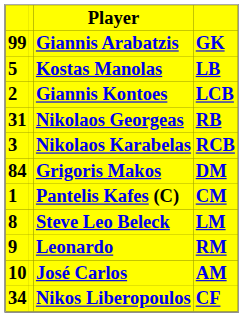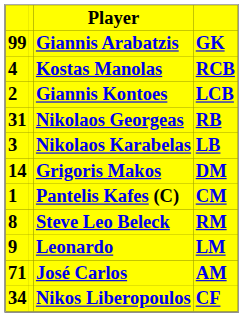 <table class="toccolours" border="0" cellpadding="2" cellspacing="0" align="center" style="margin: 0.5em 0 1em 1em; background: #000000; border: 1px #aaaaaa solid;">
 <tr bgcolor=#FFFF00>
 <th></th>
 <th></th>
 <th>Player</th>
 <th></th>
 </tr>
 <tr bgcolor=#FFFF00>
 <td><strong>99</strong></td>
 <td></td>
 <td><a href='#'><span><strong>Giannis Arabatzis</strong></span></a></td>
 <td><a href='#'><strong>GK</strong></a></td>
 </tr>
 <tr bgcolor=#FFFF00>
-<td><strong>5</strong></td>
+<td><strong>4</strong></td>
 <td></td>
 <td><a href='#'><span><strong>Kostas Manolas</strong></span></a></td>
-<td><a href='#'><strong>LB</strong></a></td>
+<td><a href='#'><strong>RCB</strong></a></td>
 </tr>
 <tr bgcolor=#FFFF00>
 <td><strong>2</strong></td>
 <td></td>
 <td><a href='#'><span><strong>Giannis Kontoes</strong></span></a></td>
 <td><a href='#'><strong>LCB</strong></a></td>
 </tr>
 <tr bgcolor=#FFFF00>
 <td><strong>31</strong></td>
 <td></td>
 <td><a href='#'><span><strong>Nikolaos Georgeas</strong></span></a></td>
 <td><a href='#'><strong>RB</strong></a></td>
 </tr>
 <tr bgcolor=#FFFF00>
 <td><strong>3</strong></td>
 <td></td>
 <td><a href='#'><span><strong>Nikolaos Karabelas</strong></span></a></td>
-<td><a href='#'><strong>RCB</strong></a></td>
+<td><a href='#'><strong>LB</strong></a></td>
 </tr>
 <tr bgcolor=#FFFF00>
-<td><strong>84</strong></td>
+<td><strong>14</strong></td>
 <td></td>
 <td><a href='#'><span><strong>Grigoris Makos</strong></span></a></td>
 <td><a href='#'><strong>DM</strong></a></td>
 </tr>
 <tr bgcolor=#FFFF00>
 <td><strong>1</strong></td>
 <td></td>
 <td><a href='#'><span><strong>Pantelis Kafes</strong></span></a> <strong>(C)</strong></td>
 <td><a href='#'><strong>CM</strong></a></td>
 </tr>
 <tr bgcolor=#FFFF00>
 <td><strong>8</strong></td>
 <td></td>
 <td><a href='#'><span><strong>Steve Leo Beleck</strong></span></a></td>
-<td><a href='#'><strong>LM</strong></a></td>
+<td><a href='#'><strong>RM</strong></a></td>
 </tr>
 <tr bgcolor=#FFFF00>
 <td><strong>9</strong></td>
 <td></td>
 <td><a href='#'><span><strong>Leonardo</strong></span></a></td>
-<td><a href='#'><strong>RM</strong></a></td>
+<td><a href='#'><strong>LM</strong></a></td>
 </tr>
 <tr bgcolor=#FFFF00>
-<td><strong>10</strong></td>
+<td><strong>71</strong></td>
 <td></td>
 <td><a href='#'><span><strong>José Carlos</strong></span></a></td>
 <td><a href='#'><strong>AM</strong></a></td>
 </tr>
 <tr bgcolor=#FFFF00>
 <td><strong>34</strong></td>
 <td></td>
 <td><a href='#'><span><strong>Nikos Liberopoulos</strong></span></a></td>
 <td><a href='#'><strong>CF</strong></a></td>
 </tr>
 </table>
